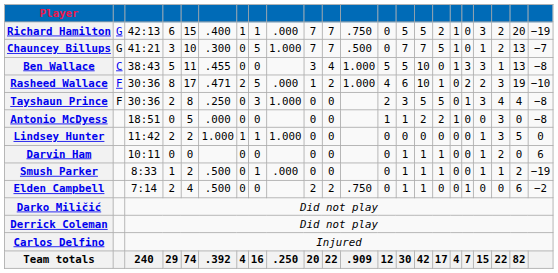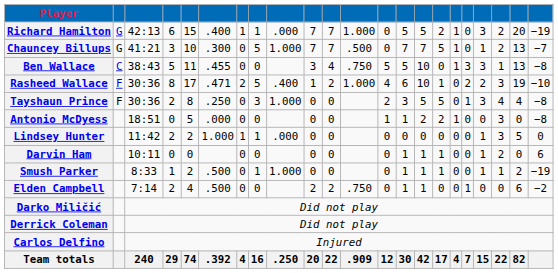 <table class="wikitable plainrowheaders" style="text-align: center">
 <tr>
 <th scope="col" style="background:#006BB7; color:#ED164B">Player</th>
 <th scope="col" style="background:#006BB7; color:#ED164B"></th>
 <th scope="col" style="background:#006BB7; color:#ED164B"></th>
 <th scope="col" style="background:#006BB7; color:#ED164B"></th>
 <th scope="col" style="background:#006BB7; color:#ED164B"></th>
 <th scope="col" style="background:#006BB7; color:#ED164B"></th>
 <th scope="col" style="background:#006BB7; color:#ED164B"></th>
 <th scope="col" style="background:#006BB7; color:#ED164B"></th>
 <th scope="col" style="background:#006BB7; color:#ED164B"></th>
 <th scope="col" style="background:#006BB7; color:#ED164B"></th>
 <th scope="col" style="background:#006BB7; color:#ED164B"></th>
 <th scope="col" style="background:#006BB7; color:#ED164B"></th>
 <th scope="col" style="background:#006BB7; color:#ED164B"></th>
 <th scope="col" style="background:#006BB7; color:#ED164B"></th>
 <th scope="col" style="background:#006BB7; color:#ED164B"></th>
 <th scope="col" style="background:#006BB7; color:#ED164B"></th>
 <th scope="col" style="background:#006BB7; color:#ED164B"></th>
 <th scope="col" style="background:#006BB7; color:#ED164B"></th>
 <th scope="col" style="background:#006BB7; color:#ED164B"></th>
 <th scope="col" style="background:#006BB7; color:#ED164B"></th>
 <th scope="col" style="background:#006BB7; color:#ED164B"></th>
 <th scope="col" style="background:#006BB7; color:#ED164B"></th>
 </tr>
 <tr>
 <th scope="row"><a href='#'>Richard Hamilton</a></th>
 <td><a href='#'>G</a></td>
 <td>42:13</td>
 <td>6</td>
 <td>15</td>
 <td>.400</td>
 <td>1</td>
 <td>1</td>
 <td>.000</td>
 <td>7</td>
 <td>7</td>
-<td>.750</td>
+<td>1.000</td>
 <td>0</td>
 <td>5</td>
 <td>5</td>
 <td>2</td>
 <td>1</td>
 <td>0</td>
 <td>3</td>
 <td>2</td>
 <td>20</td>
 <td>−19</td>
 </tr>
 <tr>
 <th scope="row"><a href='#'>Chauncey Billups</a></th>
 <td>G</td>
 <td>41:21</td>
 <td>3</td>
 <td>10</td>
 <td>.300</td>
 <td>0</td>
 <td>5</td>
 <td>1.000</td>
 <td>7</td>
 <td>7</td>
 <td>.500</td>
 <td>0</td>
 <td>7</td>
 <td>7</td>
 <td>5</td>
 <td>1</td>
 <td>0</td>
 <td>1</td>
 <td>2</td>
 <td>13</td>
 <td>−7</td>
 </tr>
 <tr>
 <th scope="row"><a href='#'>Ben Wallace</a></th>
 <td><a href='#'>C</a></td>
 <td>38:43</td>
 <td>5</td>
 <td>11</td>
 <td>.455</td>
 <td>0</td>
 <td>0</td>
 <td></td>
 <td>3</td>
 <td>4</td>
-<td>1.000</td>
+<td>.750</td>
 <td>5</td>
 <td>5</td>
 <td>10</td>
 <td>0</td>
 <td>1</td>
 <td>3</td>
 <td>3</td>
 <td>1</td>
 <td>13</td>
 <td>−8</td>
 </tr>
 <tr>
 <th scope="row"><a href='#'>Rasheed Wallace</a></th>
 <td><a href='#'>F</a></td>
 <td>30:36</td>
 <td>8</td>
 <td>17</td>
 <td>.471</td>
 <td>2</td>
 <td>5</td>
-<td>.000</td>
+<td>.400</td>
 <td>1</td>
 <td>2</td>
 <td>1.000</td>
 <td>4</td>
 <td>6</td>
 <td>10</td>
 <td>1</td>
 <td>0</td>
 <td>2</td>
 <td>2</td>
 <td>3</td>
 <td>19</td>
 <td>−10</td>
 </tr>
 <tr>
 <th scope="row"><a href='#'>Tayshaun Prince</a></th>
 <td>F</td>
 <td>30:36</td>
 <td>2</td>
 <td>8</td>
 <td>.250</td>
 <td>0</td>
 <td>3</td>
 <td>1.000</td>
 <td>0</td>
 <td>0</td>
 <td></td>
 <td>2</td>
 <td>3</td>
 <td>5</td>
 <td>5</td>
 <td>0</td>
 <td>1</td>
 <td>3</td>
 <td>4</td>
 <td>4</td>
 <td>−8</td>
 </tr>
 <tr>
 <th scope="row"><a href='#'>Antonio McDyess</a></th>
 <td></td>
 <td>18:51</td>
 <td>0</td>
 <td>5</td>
 <td>.000</td>
 <td>0</td>
 <td>0</td>
 <td></td>
 <td>0</td>
 <td>0</td>
 <td></td>
 <td>1</td>
 <td>1</td>
 <td>2</td>
 <td>2</td>
 <td>1</td>
 <td>0</td>
 <td>0</td>
 <td>3</td>
 <td>0</td>
 <td>−8</td>
 </tr>
 <tr>
 <th scope="row"><a href='#'>Lindsey Hunter</a></th>
 <td></td>
 <td>11:42</td>
 <td>2</td>
 <td>2</td>
 <td>1.000</td>
 <td>1</td>
 <td>1</td>
-<td>1.000</td>
+<td>.000</td>
 <td>0</td>
 <td>0</td>
 <td></td>
 <td>0</td>
 <td>0</td>
 <td>0</td>
 <td>0</td>
 <td>0</td>
 <td>0</td>
 <td>1</td>
 <td>3</td>
 <td>5</td>
 <td>0</td>
 </tr>
 <tr>
 <th scope="row"><a href='#'>Darvin Ham</a></th>
 <td></td>
 <td>10:11</td>
 <td>0</td>
 <td>0</td>
 <td></td>
 <td>0</td>
 <td>0</td>
 <td></td>
 <td>0</td>
 <td>0</td>
 <td></td>
 <td>0</td>
 <td>1</td>
 <td>1</td>
 <td>1</td>
 <td>0</td>
 <td>0</td>
 <td>1</td>
 <td>2</td>
 <td>0</td>
 <td>6</td>
 </tr>
 <tr>
 <th scope="row"><a href='#'>Smush Parker</a></th>
 <td></td>
 <td>8:33</td>
 <td>1</td>
 <td>2</td>
 <td>.500</td>
 <td>0</td>
 <td>1</td>
-<td>.000</td>
+<td>1.000</td>
 <td>0</td>
 <td>0</td>
 <td></td>
 <td>0</td>
 <td>1</td>
 <td>1</td>
 <td>1</td>
 <td>0</td>
 <td>0</td>
 <td>1</td>
 <td>1</td>
 <td>2</td>
 <td>−19</td>
 </tr>
 <tr>
 <th scope="row"><a href='#'>Elden Campbell</a></th>
 <td></td>
 <td>7:14</td>
 <td>2</td>
 <td>4</td>
 <td>.500</td>
 <td>0</td>
 <td>0</td>
 <td></td>
 <td>2</td>
 <td>2</td>
 <td>.750</td>
 <td>0</td>
 <td>1</td>
 <td>1</td>
 <td>0</td>
 <td>0</td>
 <td>1</td>
 <td>0</td>
 <td>0</td>
 <td>6</td>
 <td>−2</td>
 </tr>
 <tr>
 <th scope="row"><a href='#'>Darko Miličić</a></th>
 <td></td>
 <td colspan="20"><em>Did not play</em></td>
 </tr>
 <tr>
 <th scope="row"><a href='#'>Derrick Coleman</a></th>
 <td></td>
 <td colspan="20"><em>Did not play</em></td>
 </tr>
 <tr>
 <th scope="row"><a href='#'>Carlos Delfino</a></th>
 <td></td>
 <td colspan="20"><em>Injured</em></td>
 </tr>
 <tr>
 <th scope="row"><strong>Team totals</strong></th>
 <th></th>
 <th><strong>240</strong></th>
 <th><strong>29</strong></th>
 <th><strong>74</strong></th>
 <th><strong>.392</strong></th>
 <th><strong>4</strong></th>
 <th><strong>16</strong></th>
 <th><strong>.250</strong></th>
 <th><strong>20</strong></th>
 <th><strong>22</strong></th>
 <th><strong>.909</strong></th>
 <th><strong>12</strong></th>
 <th><strong>30</strong></th>
 <th><strong>42</strong></th>
 <th><strong>17</strong></th>
 <th><strong>4</strong></th>
 <th><strong>7</strong></th>
 <th><strong>15</strong></th>
 <th><strong>22</strong></th>
 <th><strong>82</strong></th>
 <th></th>
 </tr>
 </table>
